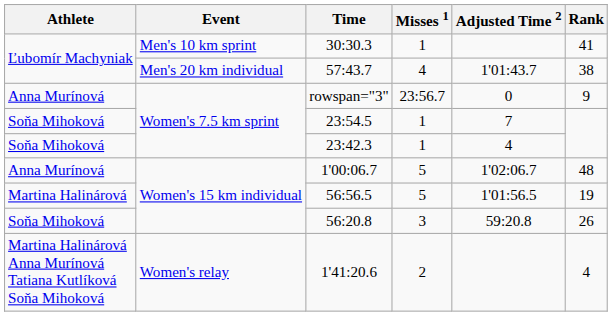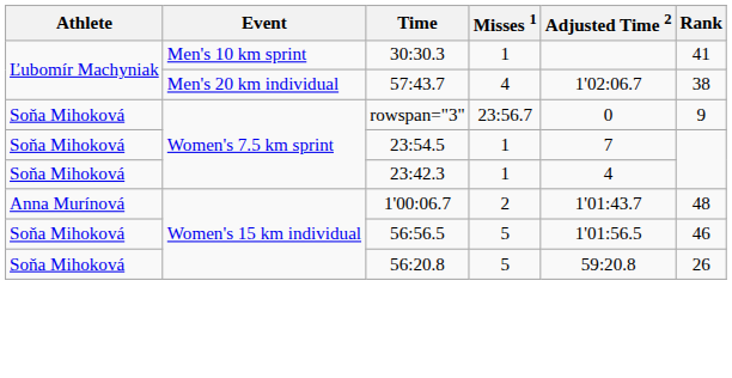 <table class="wikitable" style="font-size:90%">
 <tr>
 <th>Athlete</th>
 <th>Event</th>
 <th>Time</th>
 <th>Misses <sup>1</sup></th>
 <th>Adjusted Time <sup>2</sup></th>
 <th>Rank</th>
 </tr>
 <tr>
 <td rowspan="2"><a href='#'>Ľubomír Machyniak</a></td>
 <td><a href='#'>Men's 10 km sprint</a></td>
 <td align="center">30:30.3</td>
 <td align="center">1</td>
 <td></td>
 <td align="center">41</td>
 </tr>
 <tr>
 <td><a href='#'>Men's 20 km individual</a></td>
 <td align="center">57:43.7</td>
 <td align="center">4</td>
-<td align="center">1'01:43.7</td>
+<td align="center">1'02:06.7</td>
 <td align="center">38</td>
 </tr>
 <tr>
-<td><a href='#'>Anna Murínová</a></td>
+<td><a href='#'>Soňa Mihoková</a></td>
 <td rowspan="3"><a href='#'>Women's 7.5 km sprint</a></td>
 <td>rowspan="3" </td>
 <td align="center">23:56.7</td>
 <td align="center">0</td>
 <td align="center">9</td>
 </tr>
 <tr>
 <td><a href='#'>Soňa Mihoková</a></td>
 <td align="center">23:54.5</td>
 <td align="center">1</td>
 <td align="center">7</td>
 </tr>
 <tr>
 <td><a href='#'>Soňa Mihoková</a></td>
 <td align="center">23:42.3</td>
 <td align="center">1</td>
 <td align="center">4</td>
 </tr>
 <tr>
 <td><a href='#'>Anna Murínová</a></td>
 <td rowspan="3"><a href='#'>Women's 15 km individual</a></td>
 <td align="center">1'00:06.7</td>
-<td align="center">5</td>
-<td align="center">1'02:06.7</td>
+<td align="center">2</td>
+<td align="center">1'01:43.7</td>
 <td align="center">48</td>
 </tr>
 <tr>
-<td><a href='#'>Martina Halinárová</a></td>
+<td><a href='#'>Soňa Mihoková</a></td>
 <td align="center">56:56.5</td>
 <td align="center">5</td>
 <td align="center">1'01:56.5</td>
-<td align="center">19</td>
+<td align="center">46</td>
 </tr>
 <tr>
 <td><a href='#'>Soňa Mihoková</a></td>
 <td align="center">56:20.8</td>
-<td align="center">3</td>
+<td align="center">5</td>
 <td align="center">59:20.8</td>
 <td align="center">26</td>
 </tr>
-<tr>
-<td><a href='#'>Martina Halinárová</a><br><a href='#'>Anna Murínová</a><br><a href='#'>Tatiana Kutlíková</a><br><a href='#'>Soňa Mihoková</a></td>
-<td><a href='#'>Women's relay</a></td>
-<td align=center>1'41:20.6</td>
-<td align=center>2</td>
-<td></td>
-<td align=center>4</td>
-</tr>
 </table>
